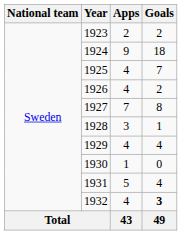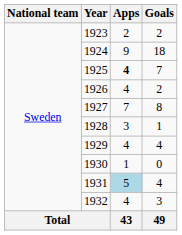 <table class="wikitable" style="text-align:center">
 <tr>
 <th>National team</th>
 <th>Year</th>
 <th>Apps</th>
 <th>Goals</th>
 </tr>
 <tr>
 <td rowspan="10"><a href='#'>Sweden</a></td>
 <td>1923</td>
 <td>2</td>
 <td>2</td>
 </tr>
 <tr>
 <td>1924</td>
 <td>9</td>
 <td>18</td>
 </tr>
 <tr>
 <td>1925</td>
-<td>4</td>
+<td><strong>4</strong></td>
 <td>7</td>
 </tr>
 <tr>
 <td>1926</td>
 <td>4</td>
 <td>2</td>
 </tr>
 <tr>
 <td>1927</td>
 <td>7</td>
 <td>8</td>
 </tr>
 <tr>
 <td>1928</td>
 <td>3</td>
 <td>1</td>
 </tr>
 <tr>
 <td>1929</td>
 <td>4</td>
 <td>4</td>
 </tr>
 <tr>
 <td>1930</td>
 <td>1</td>
 <td>0</td>
 </tr>
 <tr>
 <td>1931</td>
-<td>5</td>
+<td style="background: lightblue;">5</td>
 <td>4</td>
 </tr>
 <tr>
 <td>1932</td>
 <td>4</td>
-<td><strong>3</strong></td>
+<td>3</td>
 </tr>
 <tr>
 <th colspan="2">Total</th>
 <th>43</th>
 <th>49</th>
 </tr>
 </table>
